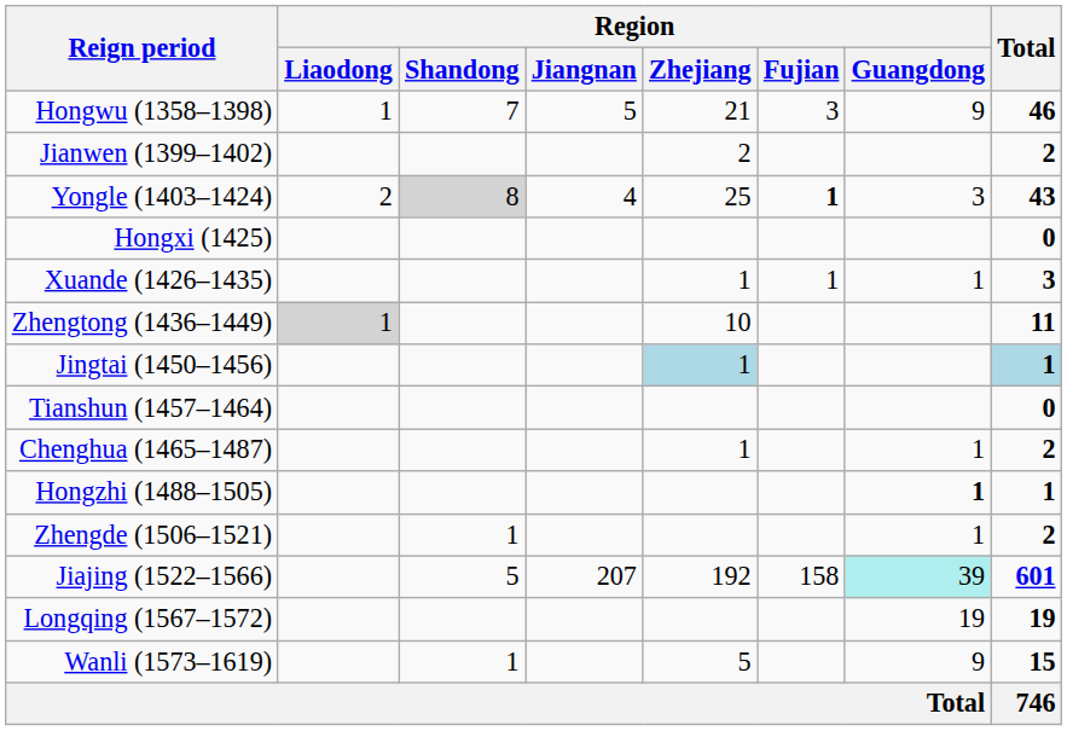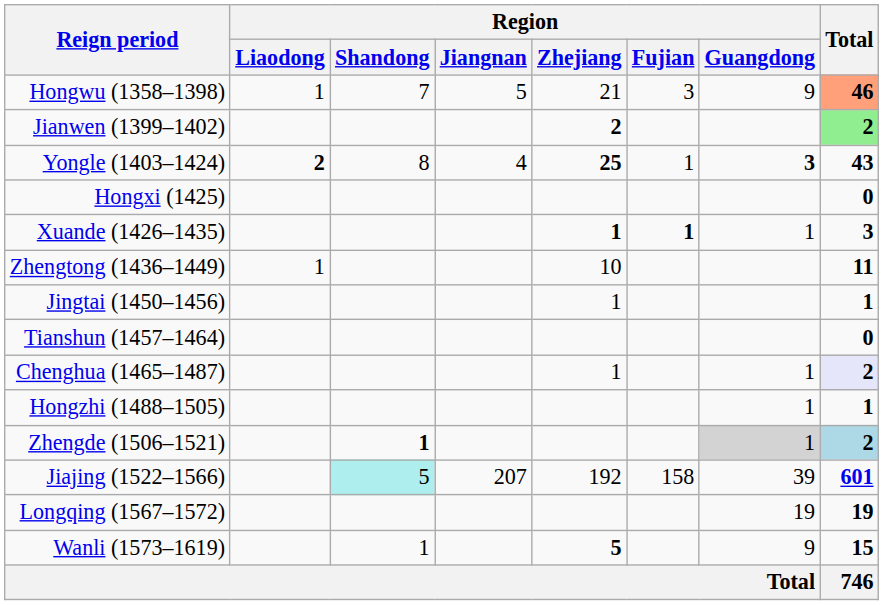 <table class="sortable wikitable" style="text-align: right;">
 <tr>
 <th rowspan="2"><a href='#'>Reign period</a></th>
 <th colspan="6">Region</th>
 <th rowspan="2">Total</th>
 </tr>
 <tr>
 <th scope="col"><a href='#'>Liaodong</a></th>
 <th><a href='#'>Shandong</a></th>
 <th><a href='#'>Jiangnan</a></th>
 <th><a href='#'>Zhejiang</a></th>
 <th><a href='#'>Fujian</a></th>
 <th><a href='#'>Guangdong</a></th>
 </tr>
 <tr>
 <td scope="row" data-sort-value=1358><a href='#'>Hongwu</a> (1358–1398)</td>
 <td>1</td>
 <td>7</td>
 <td>5</td>
 <td>21</td>
 <td>3</td>
 <td>9</td>
-<td><strong>46</strong></td>
+<td style="background: lightsalmon;"><strong>46</strong></td>
 </tr>
 <tr>
 <td scope="row" data-sort-value=1399><a href='#'>Jianwen</a> (1399–1402)</td>
 <td></td>
 <td></td>
 <td></td>
-<td>2</td>
+<td><strong>2</strong></td>
 <td></td>
 <td></td>
-<td><strong>2</strong></td>
+<td style="background: lightgreen;"><strong>2</strong></td>
 </tr>
 <tr>
 <td scope="row" data-sort-value=1403><a href='#'>Yongle</a> (1403–1424)</td>
-<td>2</td>
-<td style="background: lightgrey;">8</td>
+<td><strong>2</strong></td>
+<td>8</td>
 <td>4</td>
-<td>25</td>
-<td><strong>1</strong></td>
-<td>3</td>
+<td><strong>25</strong></td>
+<td>1</td>
+<td><strong>3</strong></td>
 <td><strong>43</strong></td>
 </tr>
 <tr>
 <td scope="row" data-sort-value=1425><a href='#'>Hongxi</a> (1425)</td>
 <td></td>
 <td></td>
 <td></td>
 <td></td>
 <td></td>
 <td></td>
 <td><strong>0</strong></td>
 </tr>
 <tr>
 <td scope="row" data-sort-value=1426><a href='#'>Xuande</a> (1426–1435)</td>
 <td></td>
 <td></td>
 <td></td>
-<td>1</td>
-<td>1</td>
+<td><strong>1</strong></td>
+<td><strong>1</strong></td>
 <td>1</td>
 <td><strong>3</strong></td>
 </tr>
 <tr>
 <td scope="row" data-sort-value=1436><a href='#'>Zhengtong</a> (1436–1449)</td>
-<td style="background: lightgrey;">1</td>
+<td>1</td>
 <td></td>
 <td></td>
 <td>10</td>
 <td></td>
 <td></td>
 <td><strong>11</strong></td>
 </tr>
 <tr>
 <td scope="row" data-sort-value=1450><a href='#'>Jingtai</a> (1450–1456)</td>
 <td></td>
 <td></td>
 <td></td>
-<td style="background: lightblue;">1</td>
+<td>1</td>
 <td></td>
 <td></td>
-<td style="background: lightblue;"><strong>1</strong></td>
+<td><strong>1</strong></td>
 </tr>
 <tr>
 <td scope="row" data-sort-value=1457><a href='#'>Tianshun</a> (1457–1464)</td>
 <td></td>
 <td></td>
 <td></td>
 <td></td>
 <td></td>
 <td></td>
 <td><strong>0</strong></td>
 </tr>
 <tr>
 <td scope="row" data-sort-value=1465><a href='#'>Chenghua</a> (1465–1487)</td>
 <td></td>
 <td></td>
 <td></td>
 <td>1</td>
 <td></td>
 <td>1</td>
-<td><strong>2</strong></td>
+<td style="background: lavender;"><strong>2</strong></td>
 </tr>
 <tr>
 <td scope="row" data-sort-value=1488><a href='#'>Hongzhi</a> (1488–1505)</td>
 <td></td>
 <td></td>
 <td></td>
 <td></td>
 <td></td>
-<td><strong>1</strong></td>
+<td>1</td>
 <td><strong>1</strong></td>
 </tr>
 <tr>
 <td scope="row" data-sort-value=1506><a href='#'>Zhengde</a> (1506–1521)</td>
 <td></td>
-<td>1</td>
+<td><strong>1</strong></td>
 <td></td>
 <td></td>
 <td></td>
-<td>1</td>
-<td><strong>2</strong></td>
+<td style="background: lightgrey;">1</td>
+<td style="background: lightblue;"><strong>2</strong></td>
 </tr>
 <tr>
 <td scope="row" data-sort-value=1522><a href='#'>Jiajing</a> (1522–1566)</td>
 <td></td>
-<td>5</td>
+<td style="background: paleturquoise;">5</td>
 <td>207</td>
 <td>192</td>
 <td>158</td>
-<td style="background: paleturquoise;">39</td>
+<td>39</td>
 <td><strong><a href='#'>601</a></strong></td>
 </tr>
 <tr>
 <td scope="row" data-sort-value=1567><a href='#'>Longqing</a> (1567–1572)</td>
 <td></td>
 <td></td>
 <td></td>
 <td></td>
 <td></td>
 <td>19</td>
 <td><strong>19</strong></td>
 </tr>
 <tr>
 <td scope="row" data-sort-value=1573><a href='#'>Wanli</a> (1573–1619)</td>
 <td></td>
 <td>1</td>
 <td></td>
-<td>5</td>
+<td><strong>5</strong></td>
 <td></td>
 <td>9</td>
 <td><strong>15</strong></td>
 </tr>
 <tr>
 <th colspan="7" style="text-align: right;">Total</th>
 <th style="text-align: right;">746</th>
 </tr>
 </table>
